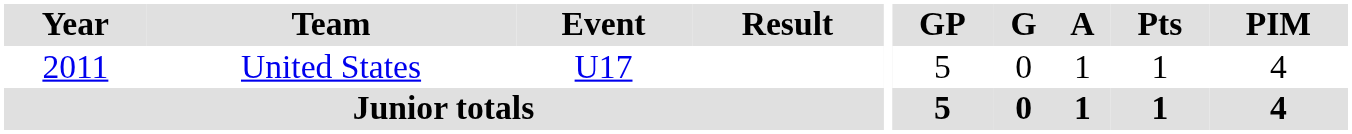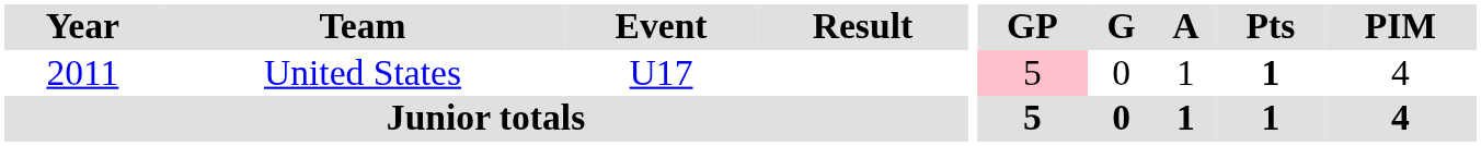 <table border="0" cellpadding="1" cellspacing="0" ID="Table3" style="text-align:center; width:40em">
 <tr ALIGN="center" bgcolor="#e0e0e0">
 <th>Year</th>
 <th>Team</th>
 <th>Event</th>
 <th>Result</th>
 <th rowspan="99" bgcolor="#ffffff"></th>
 <th>GP</th>
 <th>G</th>
 <th>A</th>
 <th>Pts</th>
 <th>PIM</th>
 </tr>
 <tr>
 <td><a href='#'>2011</a></td>
 <td><a href='#'>United States</a></td>
 <td><a href='#'>U17</a></td>
 <td></td>
-<td>5</td>
+<td style="background: pink;">5</td>
 <td>0</td>
 <td>1</td>
-<td>1</td>
+<td><strong>1</strong></td>
 <td>4</td>
 </tr>
 <tr bgcolor="#e0e0e0">
 <th colspan="4">Junior totals</th>
 <th>5</th>
 <th>0</th>
 <th>1</th>
 <th>1</th>
 <th>4</th>
 </tr>
 </table>
